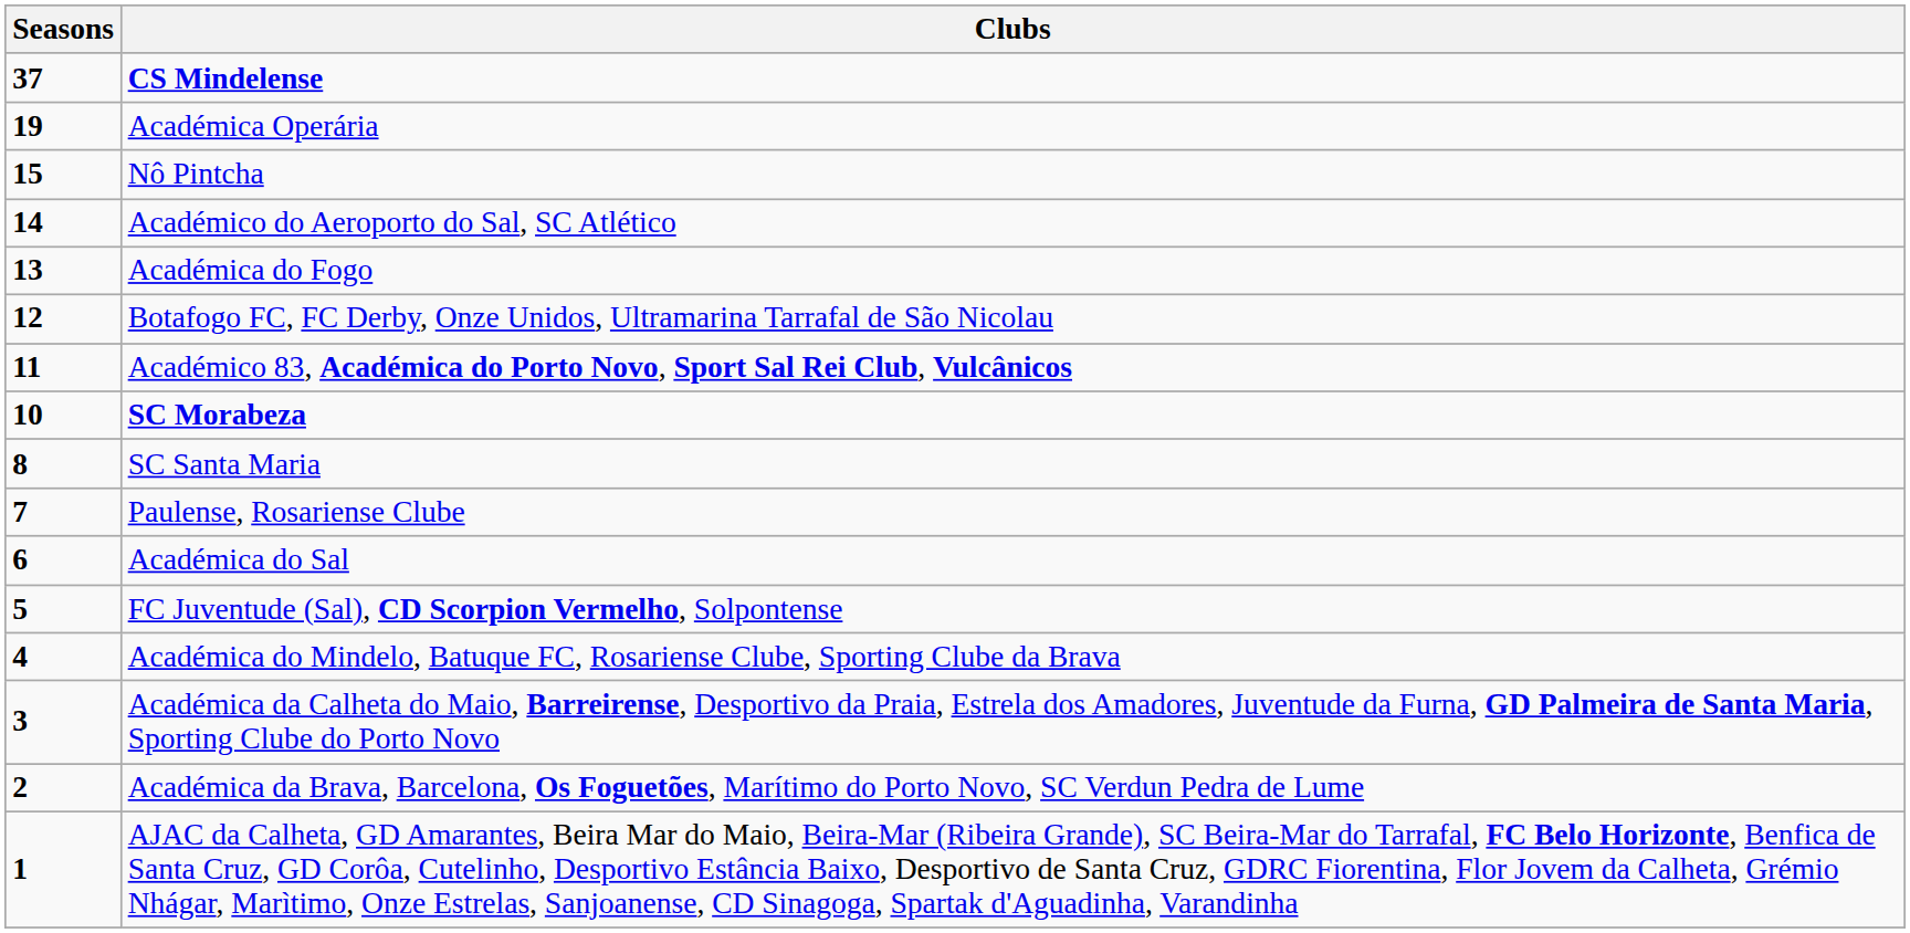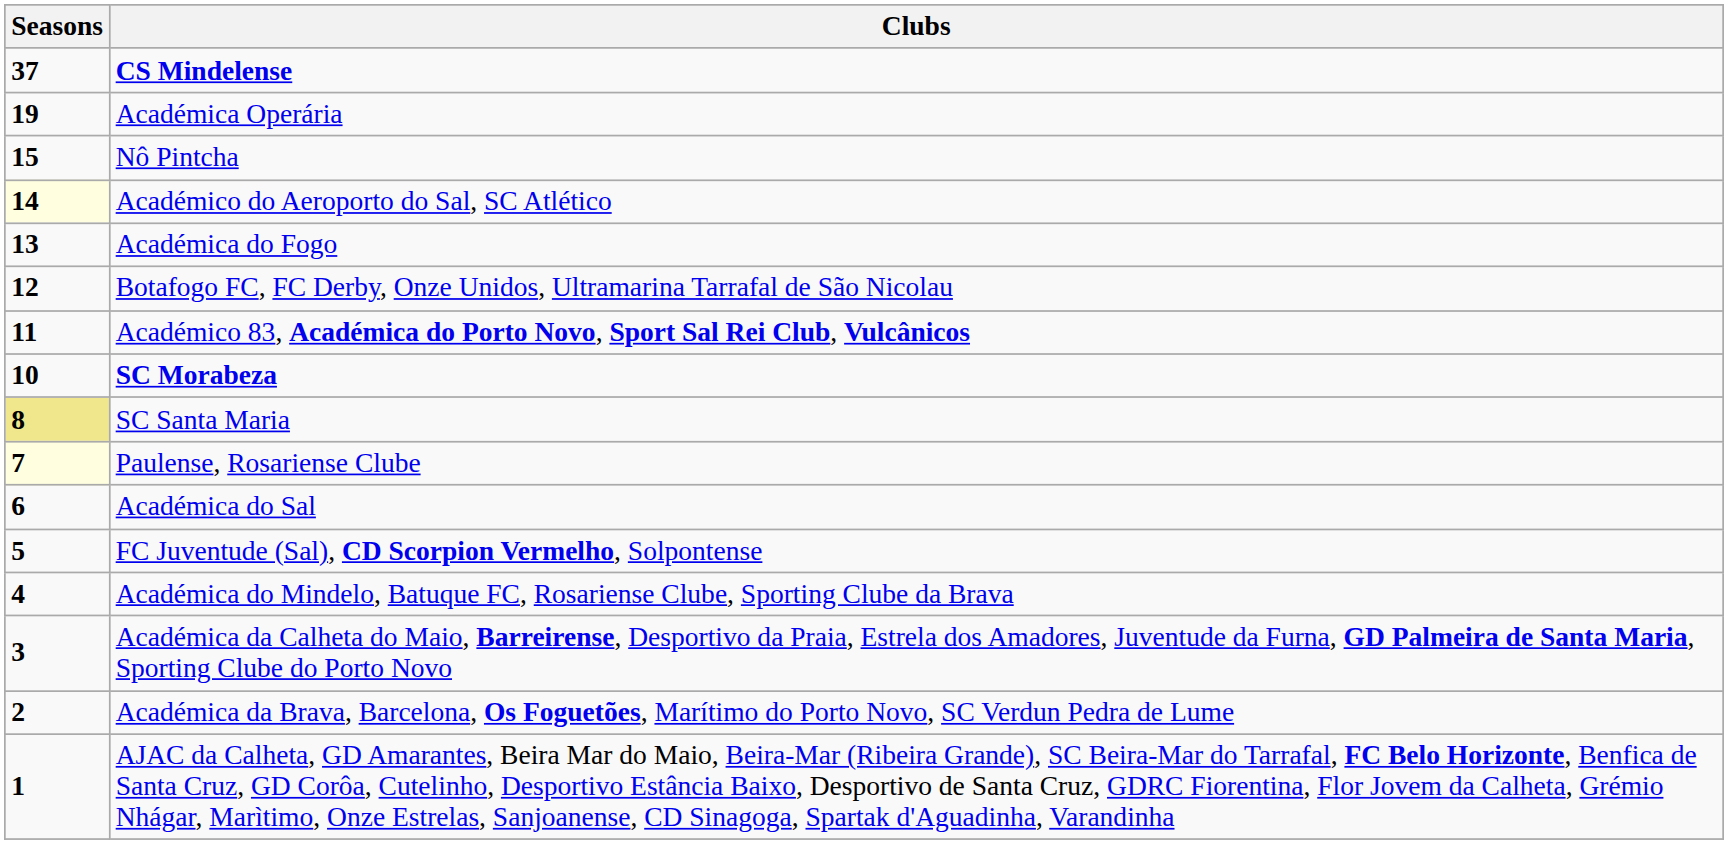 <table class="wikitable sortable" width="1000px">
 <tr>
 <th>Seasons</th>
 <th>Clubs</th>
 </tr>
 <tr>
 <td><strong>37</strong></td>
 <td><strong><a href='#'>CS Mindelense</a></strong></td>
 </tr>
 <tr>
 <td><strong>19</strong></td>
 <td><a href='#'>Académica Operária</a></td>
 </tr>
 <tr>
 <td><strong>15</strong></td>
 <td><a href='#'>Nô Pintcha</a></td>
 </tr>
 <tr>
-<td><strong>14</strong></td>
+<td style="background: lightyellow;"><strong>14</strong></td>
 <td><a href='#'>Académico do Aeroporto do Sal</a>, <a href='#'>SC Atlético</a></td>
 </tr>
 <tr>
 <td><strong>13</strong></td>
 <td><a href='#'>Académica do Fogo</a></td>
 </tr>
 <tr>
 <td><strong>12</strong></td>
 <td><a href='#'>Botafogo FC</a>, <a href='#'>FC Derby</a>, <a href='#'>Onze Unidos</a>, <a href='#'>Ultramarina Tarrafal de São Nicolau</a></td>
 </tr>
 <tr>
 <td><strong>11</strong></td>
 <td><a href='#'>Académico 83</a>, <strong><a href='#'>Académica do Porto Novo</a></strong>, <strong><a href='#'>Sport Sal Rei Club</a></strong>, <strong><a href='#'>Vulcânicos</a></strong></td>
 </tr>
 <tr>
 <td><strong>10</strong></td>
 <td><strong><a href='#'>SC Morabeza</a></strong></td>
 </tr>
 <tr>
-<td><strong>8</strong></td>
+<td style="background: khaki;"><strong>8</strong></td>
 <td><a href='#'>SC Santa Maria</a></td>
 </tr>
 <tr>
-<td><strong>7</strong></td>
+<td style="background: lightyellow;"><strong>7</strong></td>
 <td><a href='#'>Paulense</a>, <a href='#'>Rosariense Clube</a></td>
 </tr>
 <tr>
 <td><strong>6</strong></td>
 <td><a href='#'>Académica do Sal</a></td>
 </tr>
 <tr>
 <td><strong>5</strong></td>
 <td><a href='#'>FC Juventude (Sal)</a>, <strong><a href='#'>CD Scorpion Vermelho</a></strong>, <a href='#'>Solpontense</a></td>
 </tr>
 <tr>
 <td><strong>4</strong></td>
 <td><a href='#'>Académica do Mindelo</a>, <a href='#'>Batuque FC</a>, <a href='#'>Rosariense Clube</a>, <a href='#'>Sporting Clube da Brava</a></td>
 </tr>
 <tr>
 <td><strong>3</strong></td>
 <td><a href='#'>Académica da Calheta do Maio</a>, <strong><a href='#'>Barreirense</a></strong>, <a href='#'>Desportivo da Praia</a>, <a href='#'>Estrela dos Amadores</a>, <a href='#'>Juventude da Furna</a>, <strong><a href='#'>GD Palmeira de Santa Maria</a></strong>, <a href='#'>Sporting Clube do Porto Novo</a></td>
 </tr>
 <tr>
 <td><strong>2</strong></td>
 <td><a href='#'>Académica da Brava</a>, <a href='#'>Barcelona</a>, <strong><a href='#'>Os Foguetões</a></strong>, <a href='#'>Marítimo do Porto Novo</a>, <a href='#'>SC Verdun Pedra de Lume</a></td>
 </tr>
 <tr>
 <td><strong>1</strong></td>
 <td><a href='#'>AJAC da Calheta</a>, <a href='#'>GD Amarantes</a>, Beira Mar do Maio, <a href='#'>Beira-Mar (Ribeira Grande)</a>, <a href='#'>SC Beira-Mar do Tarrafal</a>, <strong><a href='#'>FC Belo Horizonte</a></strong>, <a href='#'>Benfica de Santa Cruz</a>, <a href='#'>GD Corôa</a>, <a href='#'>Cutelinho</a>, <a href='#'>Desportivo Estância Baixo</a>, Desportivo de Santa Cruz, <a href='#'>GDRC Fiorentina</a>, <a href='#'>Flor Jovem da Calheta</a>, <a href='#'>Grémio Nhágar</a>, <a href='#'>Marìtimo</a>, <a href='#'>Onze Estrelas</a>, <a href='#'>Sanjoanense</a>, <a href='#'>CD Sinagoga</a>, <a href='#'>Spartak d'Aguadinha</a>, <a href='#'>Varandinha</a></td>
 </tr>
 </table>
